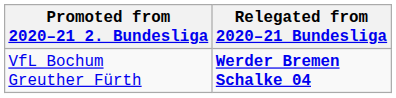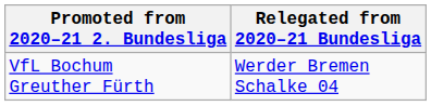 <table class="wikitable">
 <tr>
 <th>Promoted from<br><a href='#'>2020–21 2. Bundesliga</a></th>
 <th>Relegated from<br><a href='#'>2020–21 Bundesliga</a></th>
 </tr>
 <tr>
 <td><a href='#'>VfL Bochum</a><br><a href='#'>Greuther Fürth</a></td>
-<td><strong><a href='#'>Werder Bremen</a><br><a href='#'>Schalke 04</a></strong></td>
+<td><a href='#'>Werder Bremen</a><br><a href='#'>Schalke 04</a></td>
 </tr>
 </table>
